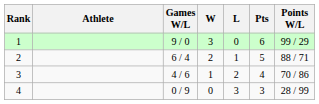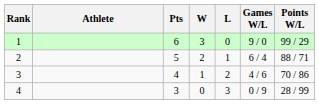 <table class="wikitable" style="text-align: center; font-size:90% ">
 <tr>
 <th width="20">Rank</th>
 <th width="180">Athlete</th>
-<th width="40">Games<br>W/L</th>
+<th width="30">Pts</th>
 <th width="30">W</th>
 <th width="30">L</th>
-<th width="30">Pts</th>
+<th width="40">Games<br>W/L</th>
 <th width="50">Points<br>W/L</th>
 </tr>
 <tr bgcolor=#ccffcc>
 <td>1</td>
 <td align=left></td>
-<td>9 / 0</td>
+<td>6</td>
 <td>3</td>
 <td>0</td>
-<td>6</td>
+<td>9 / 0</td>
 <td>99 / 29</td>
 </tr>
 <tr>
 <td>2</td>
 <td align=left></td>
-<td>6 / 4</td>
+<td>5</td>
 <td>2</td>
 <td>1</td>
-<td>5</td>
+<td>6 / 4</td>
 <td>88 / 71</td>
 </tr>
 <tr>
 <td>3</td>
 <td align=left></td>
-<td>4 / 6</td>
+<td>4</td>
 <td>1</td>
 <td>2</td>
-<td>4</td>
+<td>4 / 6</td>
 <td>70 / 86</td>
 </tr>
 <tr>
 <td>4</td>
 <td align=left></td>
-<td>0 / 9</td>
+<td>3</td>
 <td>0</td>
 <td>3</td>
-<td>3</td>
+<td>0 / 9</td>
 <td>28 / 99</td>
 </tr>
 </table>
